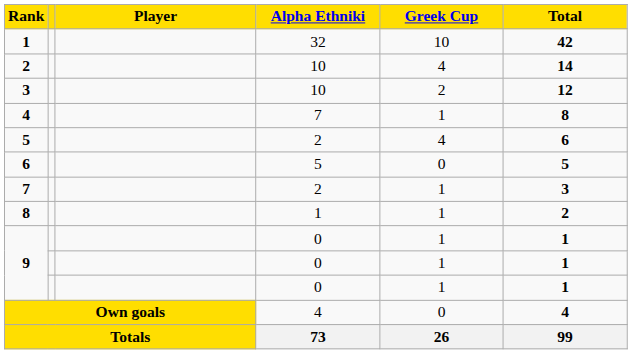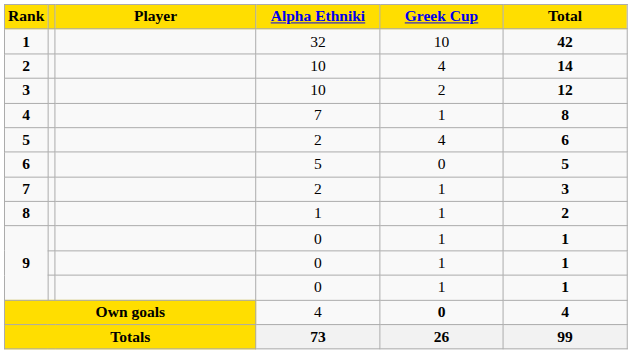 <table class="wikitable sortable" style="text-align: center">
 <tr>
 <th style="background:#FFDE00">Rank</th>
 <th style="background:#FFDE00"></th>
 <th width=200 style="background:#FFDE00">Player</th>
 <th width=120 style="background:#FFDE00"><a href='#'>Alpha Ethniki</a></th>
 <th width=120 style="background:#FFDE00"><a href='#'>Greek Cup</a></th>
 <th width=120 style="background:#FFDE00">Total</th>
 </tr>
 <tr>
 <td><strong>1</strong></td>
 <td></td>
 <td align=left></td>
 <td>32</td>
 <td>10</td>
 <td><strong>42</strong></td>
 </tr>
 <tr>
 <td><strong>2</strong></td>
 <td></td>
 <td align=left></td>
 <td>10</td>
 <td>4</td>
 <td><strong>14</strong></td>
 </tr>
 <tr>
 <td><strong>3</strong></td>
 <td></td>
 <td align=left></td>
 <td>10</td>
 <td>2</td>
 <td><strong>12</strong></td>
 </tr>
 <tr>
 <td><strong>4</strong></td>
 <td></td>
 <td align=left></td>
 <td>7</td>
 <td>1</td>
 <td><strong>8</strong></td>
 </tr>
 <tr>
 <td><strong>5</strong></td>
 <td></td>
 <td align=left></td>
 <td>2</td>
 <td>4</td>
 <td><strong>6</strong></td>
 </tr>
 <tr>
 <td><strong>6</strong></td>
 <td></td>
 <td align=left></td>
 <td>5</td>
 <td>0</td>
 <td><strong>5</strong></td>
 </tr>
 <tr>
 <td><strong>7</strong></td>
 <td></td>
 <td align=left></td>
 <td>2</td>
 <td>1</td>
 <td><strong>3</strong></td>
 </tr>
 <tr>
 <td><strong>8</strong></td>
 <td></td>
 <td align=left></td>
 <td>1</td>
 <td>1</td>
 <td><strong>2</strong></td>
 </tr>
 <tr>
 <td rowspan=3><strong>9</strong></td>
 <td></td>
 <td align=left></td>
 <td>0</td>
 <td>1</td>
 <td><strong>1</strong></td>
 </tr>
 <tr>
 <td></td>
 <td align=left></td>
 <td>0</td>
 <td>1</td>
 <td><strong>1</strong></td>
 </tr>
 <tr>
 <td></td>
 <td align=left></td>
 <td>0</td>
 <td>1</td>
 <td><strong>1</strong></td>
 </tr>
 <tr class="sortbottom">
 <td colspan=3 style="background:#FFDE00"><strong>Own goals</strong></td>
 <td>4</td>
-<td>0</td>
+<td><strong>0</strong></td>
 <td><strong>4</strong></td>
 </tr>
 <tr class="sortbottom">
 <th colspan=3 style="background:#FFDE00"><strong>Totals</strong></th>
 <th><strong>73</strong></th>
 <th><strong>26</strong></th>
 <th><strong>99</strong></th>
 </tr>
 </table>
